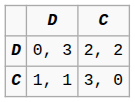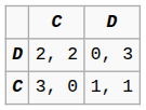 <table border="1" align=right cellpadding="4" cellspacing="0" style="margin: 1em 1em 1em 0; background: #f9f9f9; border: 1px #aaa solid; border-collapse: collapse; font-size: 95%;">
 <tr>
 <td></td>
+<th><em>C</em></th>
 <th><em>D</em></th>
-<th><em>C</em></th>
 </tr>
 <tr>
 <th><em>D</em></th>
+<td>2, 2</td>
 <td>0, 3</td>
-<td>2, 2</td>
 </tr>
 <tr>
 <th><em>C</em></th>
+<td>3, 0</td>
 <td>1, 1</td>
-<td>3, 0</td>
 </tr>
 </table>
